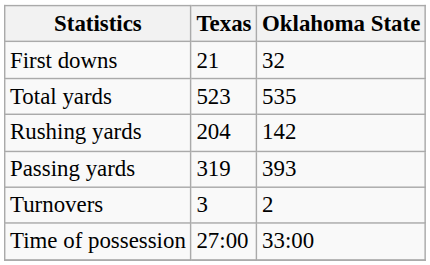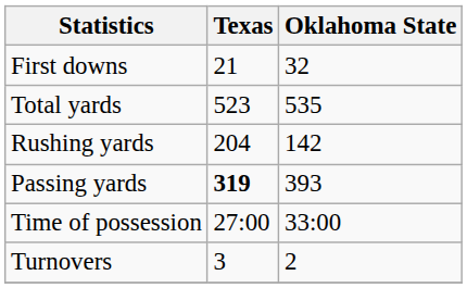 <table class="wikitable" style="float: left;">
 <tr>
 <th>Statistics</th>
 <th>Texas</th>
 <th>Oklahoma State</th>
 </tr>
 <tr>
 <td>First downs</td>
 <td>21</td>
 <td>32</td>
 </tr>
 <tr>
 <td>Total yards</td>
 <td>523</td>
 <td>535</td>
 </tr>
 <tr>
 <td>Rushing yards</td>
 <td>204</td>
 <td>142</td>
 </tr>
 <tr>
 <td>Passing yards</td>
-<td>319</td>
+<td><strong>319</strong></td>
 <td>393</td>
+</tr>
+<tr>
+<td>Time of possession</td>
+<td>27:00</td>
+<td>33:00</td>
 </tr>
 <tr>
 <td>Turnovers</td>
 <td>3</td>
 <td>2</td>
 </tr>
 <tr>
-<td>Time of possession</td>
-<td>27:00</td>
-<td>33:00</td>
-</tr>
-<tr>
 </tr>
 </table>
